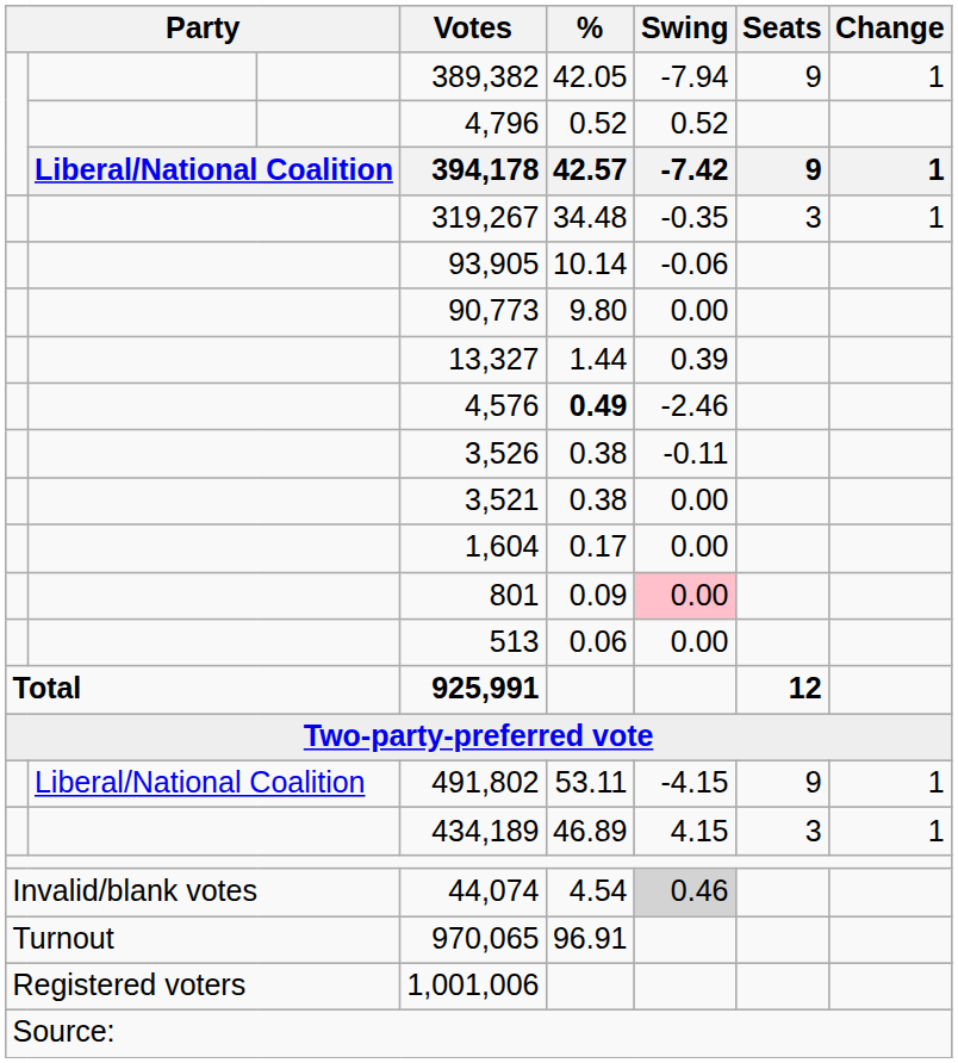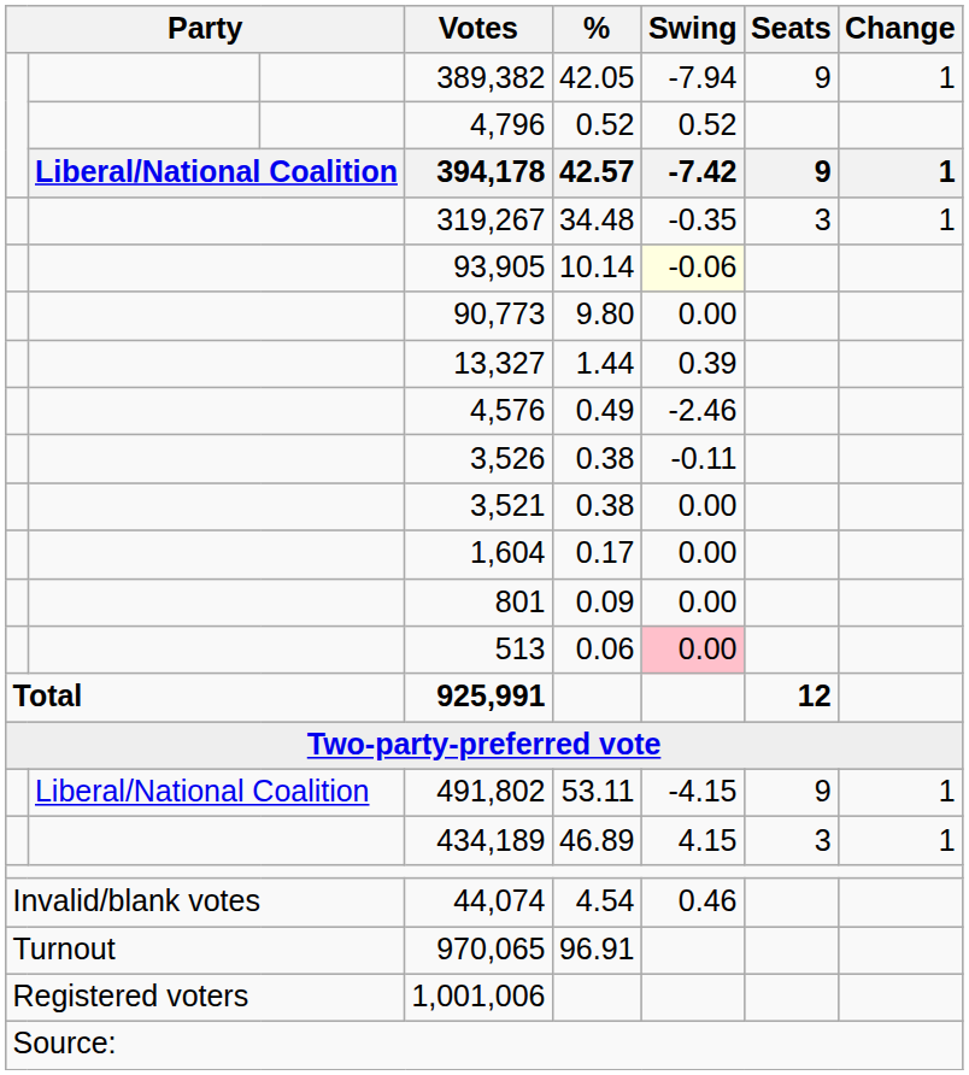 <table class="wikitable">
 <tr>
 <th colspan="3" style="width:200px"><strong>Party</strong></th>
 <th style="width:70px; text-align:center;"><strong>Votes</strong></th>
 <th style="width:40px; text-align:center;"><strong>%</strong></th>
 <th style="width:40px; text-align:center;"><strong>Swing</strong></th>
 <th style="width:40px; text-align:center;"><strong>Seats</strong></th>
 <th style="width:40px; text-align:center;"><strong>Change</strong></th>
 </tr>
 <tr>
 <td rowspan="3"> </td>
 <td> </td>
 <td></td>
 <td align=right>389,382</td>
 <td align=right>42.05</td>
 <td align=right>-7.94</td>
 <td align=right>9</td>
 <td align=right> 1</td>
 </tr>
 <tr>
 <td> </td>
 <td></td>
 <td align=right>4,796</td>
 <td align=right>0.52</td>
 <td align=right>0.52</td>
 <td align=right></td>
 <td align=right></td>
 </tr>
 <tr>
 <th colspan="2" style="text-align:left;"><a href='#'>Liberal/National Coalition</a></th>
 <th style="text-align:right;">394,178</th>
 <th style="text-align:right;">42.57</th>
 <th style="text-align:right;">-7.42</th>
 <th style="text-align:right;">9</th>
 <th style="text-align:right;"> 1</th>
 </tr>
 <tr>
 <td> </td>
 <td colspan=2></td>
 <td align=right>319,267</td>
 <td align=right>34.48</td>
 <td align=right>-0.35</td>
 <td align=right>3</td>
 <td align=right> 1</td>
 </tr>
 <tr>
 <td> </td>
 <td colspan=2></td>
 <td align=right>93,905</td>
 <td align=right>10.14</td>
-<td align=right>-0.06</td>
+<td align=right style="background: lightyellow;">-0.06</td>
 <td align=right></td>
 <td align=right></td>
 </tr>
 <tr>
 <td> </td>
 <td colspan=2></td>
 <td align=right>90,773</td>
 <td align=right>9.80</td>
 <td align=right>0.00</td>
 <td align=right></td>
 <td align=right></td>
 </tr>
 <tr>
 <td> </td>
 <td colspan=2></td>
 <td align=right>13,327</td>
 <td align=right>1.44</td>
 <td align=right>0.39</td>
 <td align=right></td>
 <td align=right></td>
 </tr>
 <tr>
 <td> </td>
 <td colspan=2></td>
 <td align=right>4,576</td>
-<td align=right><strong>0.49</strong></td>
+<td align=right>0.49</td>
 <td align=right>-2.46</td>
 <td align=right></td>
 <td align=right></td>
 </tr>
 <tr>
 <td> </td>
 <td colspan=2></td>
 <td align=right>3,526</td>
 <td align=right>0.38</td>
 <td align=right>-0.11</td>
 <td align=right></td>
 <td align=right></td>
 </tr>
 <tr>
 <td> </td>
 <td colspan=2></td>
 <td align=right>3,521</td>
 <td align=right>0.38</td>
 <td align=right>0.00</td>
 <td align=right></td>
 <td align=right></td>
 </tr>
 <tr>
 <td> </td>
 <td colspan=2></td>
 <td align=right>1,604</td>
 <td align=right>0.17</td>
 <td align=right>0.00</td>
 <td align=right></td>
 <td align=right></td>
 </tr>
 <tr>
 <td> </td>
 <td colspan=2></td>
 <td align=right>801</td>
 <td align=right>0.09</td>
-<td align=right style="background: pink;">0.00</td>
+<td align=right>0.00</td>
 <td align=right></td>
 <td align=right></td>
 </tr>
 <tr>
 <td> </td>
 <td colspan=2></td>
 <td align=right>513</td>
 <td align=right>0.06</td>
-<td align=right>0.00</td>
+<td align=right style="background: pink;">0.00</td>
 <td align=right></td>
 <td align=right></td>
 </tr>
 <tr>
 <td colspan="3" align="left"><strong>Total</strong></td>
 <td align=right><strong>925,991</strong></td>
 <td align=right></td>
 <td align=right></td>
 <td align=right><strong>12</strong></td>
 <td align=right></td>
 </tr>
 <tr>
 <td colspan="8" style="text-align:center; background:#eee;"><strong><a href='#'>Two-party-preferred vote</a></strong></td>
 </tr>
 <tr>
 <td> </td>
 <td colspan=2><a href='#'>Liberal/National Coalition</a></td>
 <td align=right>491,802</td>
 <td align=right>53.11</td>
 <td align=right>-4.15</td>
 <td align=right>9</td>
 <td align=right> 1</td>
 </tr>
 <tr>
 <td> </td>
 <td colspan=2></td>
 <td align=right>434,189</td>
 <td align=right>46.89</td>
 <td align=right>4.15</td>
 <td align=right>3</td>
 <td align=right> 1</td>
 </tr>
 <tr>
 <td colspan="8"></td>
 </tr>
 <tr>
 <td colspan="3" style="text-align:left;">Invalid/blank votes</td>
 <td align=right>44,074</td>
 <td align=right>4.54</td>
-<td align=right style="background: lightgrey;">0.46</td>
+<td align=right>0.46</td>
 <td></td>
 <td></td>
 </tr>
 <tr>
 <td colspan="3" style="text-align:left;">Turnout</td>
 <td align=right>970,065</td>
 <td align=right>96.91</td>
 <td></td>
 <td></td>
 <td></td>
 </tr>
 <tr>
 <td colspan="3" style="text-align:left;">Registered voters</td>
 <td align=right>1,001,006</td>
 <td></td>
 <td></td>
 <td></td>
 <td></td>
 </tr>
 <tr>
 <td colspan="8" align="left">Source: </td>
 </tr>
 </table>
